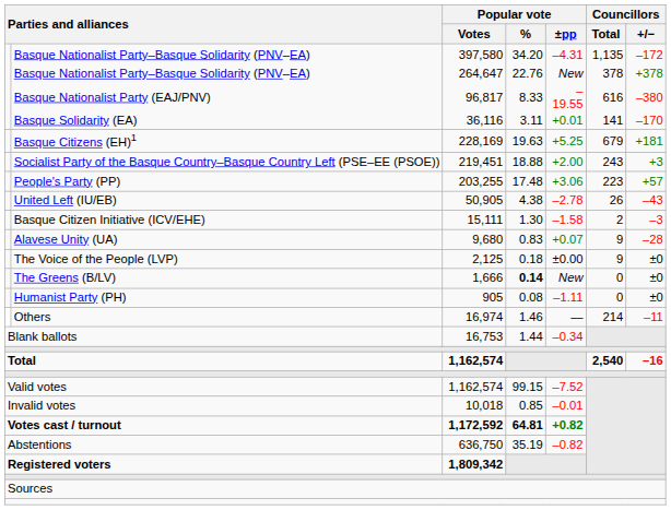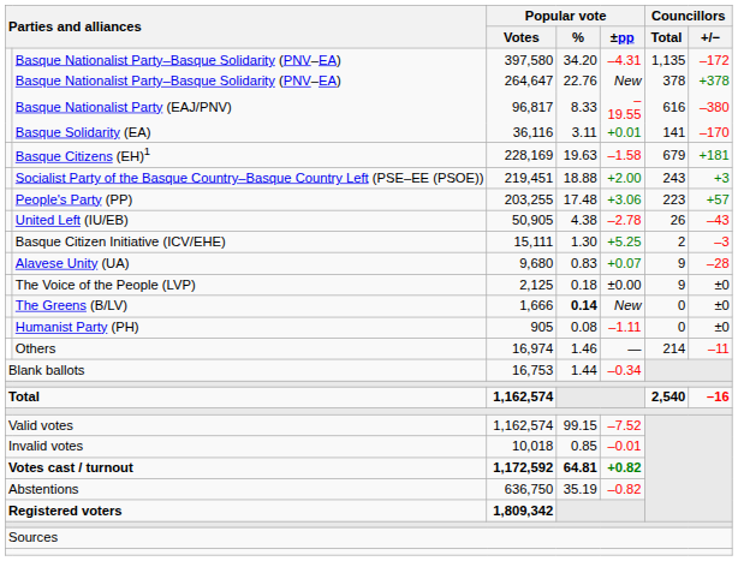 <table class="wikitable" style="text-align:right;">
 <tr>
 <th style="text-align:left;" rowspan="2" colspan="2" width="525">Parties and alliances</th>
 <th colspan="3">Popular vote</th>
 <th colspan="2">Councillors</th>
 </tr>
 <tr>
 <th width="75">Votes</th>
 <th width="45">%</th>
 <th width="45">±<a href='#'>pp</a></th>
 <th width="45">Total</th>
 <th width="45">+/−</th>
 </tr>
 <tr style="line-height:22px;">
 <td width="1" rowspan="4"></td>
 <td align="left"><a href='#'>Basque Nationalist Party–Basque Solidarity</a> (<a href='#'>PNV</a>–<a href='#'>EA</a>)</td>
 <td>397,580</td>
 <td>34.20</td>
 <td style="color:red;">–4.31</td>
 <td>1,135</td>
 <td style="color:red;">–172</td>
 </tr>
 <tr style="border-bottom-style:hidden; border-top-style:hidden; line-height:16px;">
 <td align="left"><span><a href='#'>Basque Nationalist Party–Basque Solidarity</a> (<a href='#'>PNV</a>–<a href='#'>EA</a>)</span></td>
 <td>264,647</td>
 <td>22.76</td>
 <td><em>New</em></td>
 <td>378</td>
 <td style="color:green;">+378</td>
 </tr>
 <tr style="border-bottom-style:hidden; line-height:16px;">
 <td align="left"><span><a href='#'>Basque Nationalist Party</a> (EAJ/PNV)</span></td>
 <td>96,817</td>
 <td>8.33</td>
 <td style="color:red;">–19.55</td>
 <td>616</td>
 <td style="color:red;">–380</td>
 </tr>
 <tr style="line-height:16px;">
 <td align="left"><span><a href='#'>Basque Solidarity</a> (EA)</span></td>
 <td>36,116</td>
 <td>3.11</td>
 <td style="color:green;">+0.01</td>
 <td>141</td>
 <td style="color:red;">–170</td>
 </tr>
 <tr>
 <td style="color:inherit;background:"></td>
 <td align="left"><a href='#'>Basque Citizens</a> (EH)<sup>1</sup></td>
 <td>228,169</td>
 <td>19.63</td>
-<td style="color:green;">+5.25</td>
+<td style="color:red;">–1.58</td>
 <td>679</td>
 <td style="color:green;">+181</td>
 </tr>
 <tr>
 <td style="color:inherit;background:"></td>
 <td align="left"><a href='#'>Socialist Party of the Basque Country–Basque Country Left</a> (PSE–EE (PSOE))</td>
 <td>219,451</td>
 <td>18.88</td>
 <td style="color:green;">+2.00</td>
 <td>243</td>
 <td style="color:green;">+3</td>
 </tr>
 <tr>
 <td style="color:inherit;background:"></td>
 <td align="left"><a href='#'>People's Party</a> (PP)</td>
 <td>203,255</td>
 <td>17.48</td>
 <td style="color:green;">+3.06</td>
 <td>223</td>
 <td style="color:green;">+57</td>
 </tr>
 <tr>
 <td style="color:inherit;background:"></td>
 <td align="left"><a href='#'>United Left</a> (IU/EB)</td>
 <td>50,905</td>
 <td>4.38</td>
 <td style="color:red;">–2.78</td>
 <td>26</td>
 <td style="color:red;">–43</td>
 </tr>
 <tr>
 <td style="color:inherit;background:"></td>
 <td align="left">Basque Citizen Initiative (ICV/EHE)</td>
 <td>15,111</td>
 <td>1.30</td>
-<td style="color:red;">–1.58</td>
+<td style="color:green;">+5.25</td>
 <td>2</td>
 <td style="color:red;">–3</td>
 </tr>
 <tr>
 <td style="color:inherit;background:"></td>
 <td align="left"><a href='#'>Alavese Unity</a> (UA)</td>
 <td>9,680</td>
 <td>0.83</td>
 <td style="color:green;">+0.07</td>
 <td>9</td>
 <td style="color:red;">–28</td>
 </tr>
 <tr>
 <td style="color:inherit;background:"></td>
 <td align="left">The Voice of the People (LVP)</td>
 <td>2,125</td>
 <td>0.18</td>
 <td>±0.00</td>
 <td>9</td>
 <td>±0</td>
 </tr>
 <tr>
 <td style="color:inherit;background:"></td>
 <td align="left"><a href='#'>The Greens</a> (B/LV)</td>
 <td>1,666</td>
 <td><strong>0.14</strong></td>
 <td><em>New</em></td>
 <td>0</td>
 <td>±0</td>
 </tr>
 <tr>
 <td style="color:inherit;background:"></td>
 <td align="left"><a href='#'>Humanist Party</a> (PH)</td>
 <td>905</td>
 <td>0.08</td>
 <td style="color:red;">–1.11</td>
 <td>0</td>
 <td>±0</td>
 </tr>
 <tr>
 <td bgcolor="white"></td>
 <td align="left">Others</td>
 <td>16,974</td>
 <td>1.46</td>
 <td>—</td>
 <td>214</td>
 <td style="color:red;">–11</td>
 </tr>
 <tr>
 <td align="left" colspan="2">Blank ballots</td>
 <td>16,753</td>
 <td>1.44</td>
 <td style="color:red;">–0.34</td>
 <td style="color:inherit;background:#E9E9E9" colspan="2"></td>
 </tr>
 <tr>
 <td colspan="7" style="color:inherit;background:#E9E9E9"></td>
 </tr>
 <tr style="font-weight:bold;">
 <td align="left" colspan="2">Total</td>
 <td>1,162,574</td>
 <td bgcolor="#E9E9E9" colspan="2"></td>
 <td>2,540</td>
 <td style="color:red;">–16</td>
 </tr>
 <tr>
 <td colspan="7" style="color:inherit;background:#E9E9E9"></td>
 </tr>
 <tr>
 <td align="left" colspan="2">Valid votes</td>
 <td>1,162,574</td>
 <td>99.15</td>
 <td style="color:red;">–7.52</td>
 <td bgcolor="#E9E9E9" colspan="2" rowspan="5"></td>
 </tr>
 <tr>
 <td align="left" colspan="2">Invalid votes</td>
 <td>10,018</td>
 <td>0.85</td>
 <td style="color:red;">–0.01</td>
 </tr>
 <tr style="font-weight:bold;">
 <td align="left" colspan="2">Votes cast / turnout</td>
 <td>1,172,592</td>
 <td>64.81</td>
 <td style="color:green;">+0.82</td>
 </tr>
 <tr>
 <td align="left" colspan="2">Abstentions</td>
 <td>636,750</td>
 <td>35.19</td>
 <td style="color:red;">–0.82</td>
 </tr>
 <tr style="font-weight:bold;">
 <td align="left" colspan="2">Registered voters</td>
 <td>1,809,342</td>
 <td bgcolor="#E9E9E9" colspan="2"></td>
 </tr>
 <tr>
 <td colspan="7" style="color:inherit;background:#E9E9E9"></td>
 </tr>
 <tr>
 <td align="left" colspan="7">Sources</td>
 </tr>
 <tr>
 <td colspan="7" style="text-align:left; max-width:790px;"></td>
 </tr>
 </table>
